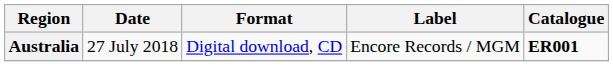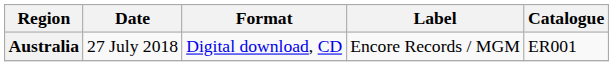 <table class="wikitable plainrowheaders">
 <tr>
 <th scope="col">Region</th>
 <th scope="col">Date</th>
 <th scope="col">Format</th>
 <th scope="col">Label</th>
 <th scope="col">Catalogue</th>
 </tr>
 <tr>
 <th scope="row">Australia</th>
 <td>27 July 2018</td>
 <td><a href='#'>Digital download</a>, <a href='#'>CD</a></td>
 <td>Encore Records / MGM</td>
-<td><strong>ER001</strong></td>
+<td>ER001</td>
 </tr>
 <tr>
 </tr>
 </table>
